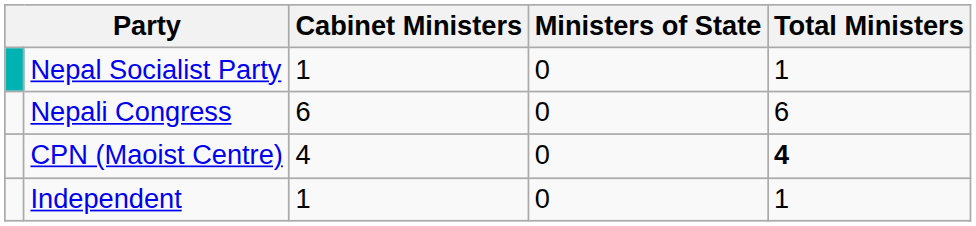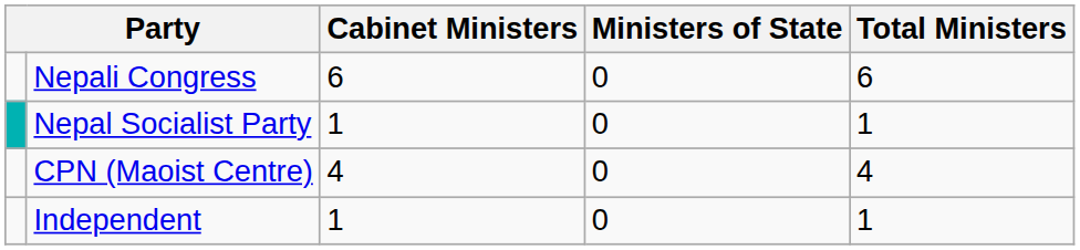 <table class="wikitable">
 <tr>
 <th colspan="2">Party</th>
 <th>Cabinet Ministers</th>
 <th>Ministers of State</th>
 <th>Total Ministers</th>
+</tr>
+<tr>
+<td width="4px"></td>
+<td><a href='#'>Nepali Congress</a></td>
+<td>6</td>
+<td>0</td>
+<td>6</td>
 </tr>
 <tr>
 <td width="4px" bgcolor="#00B2B2"></td>
 <td><a href='#'>Nepal Socialist Party</a></td>
 <td>1</td>
 <td>0</td>
 <td>1</td>
 </tr>
 <tr>
 <td width="4px"></td>
-<td><a href='#'>Nepali Congress</a></td>
-<td>6</td>
-<td>0</td>
-<td>6</td>
-</tr>
-<tr>
-<td width="4px"></td>
 <td><a href='#'>CPN (Maoist Centre)</a></td>
 <td>4</td>
 <td>0</td>
-<td><strong>4</strong></td>
+<td>4</td>
 </tr>
 <tr>
 <td width="4px"></td>
 <td><a href='#'>Independent</a></td>
 <td>1</td>
 <td>0</td>
 <td>1</td>
 </tr>
 </table>
